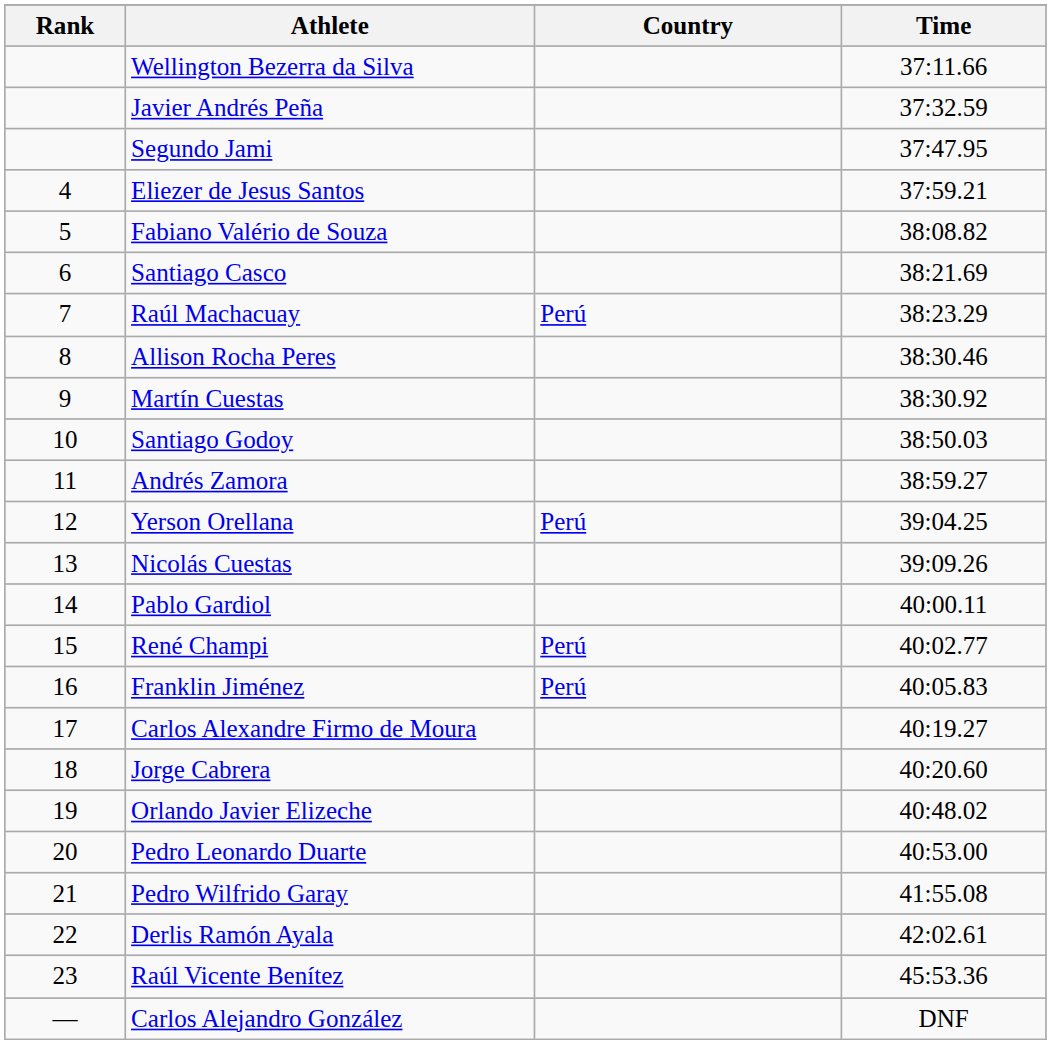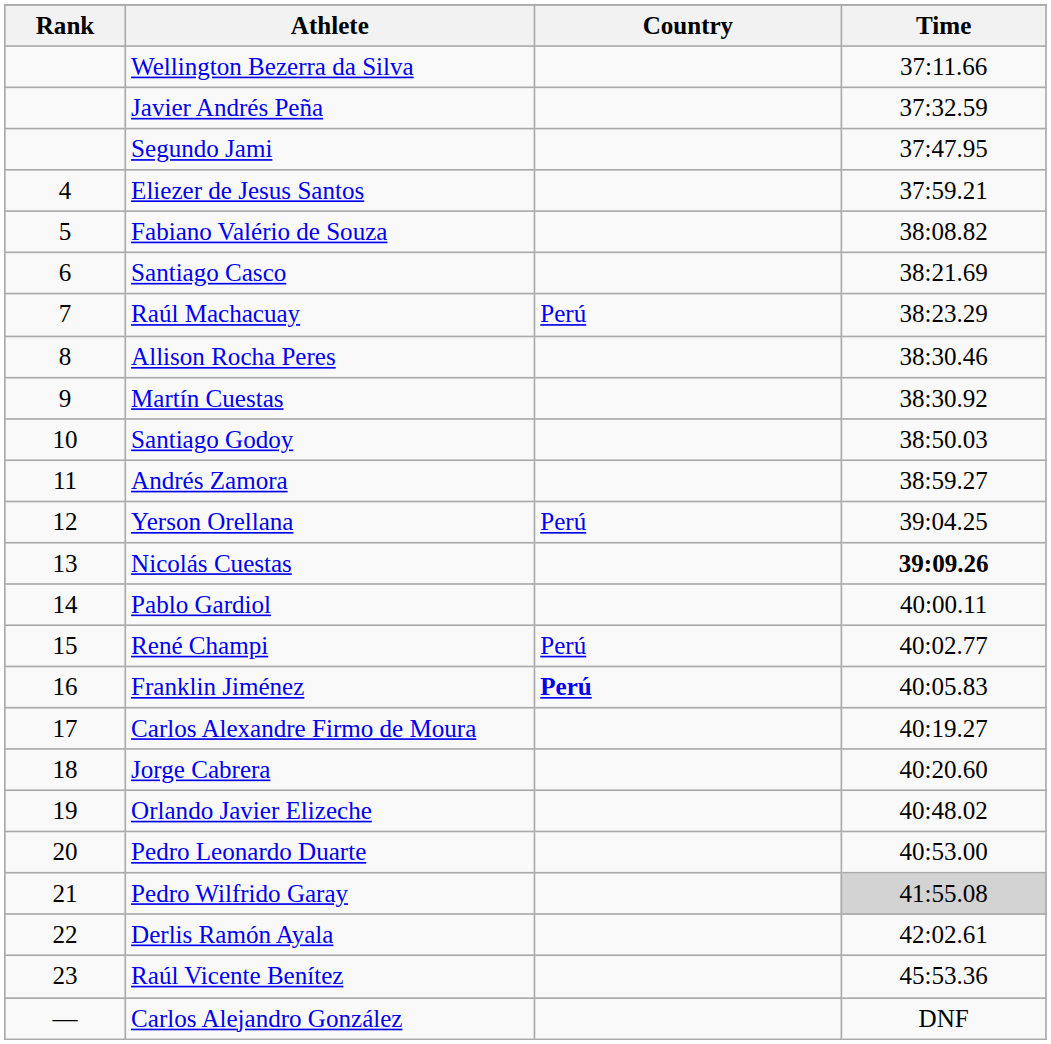 <table class="wikitable sortable" style=" text-align:center; font-size:95%;" width="50%">
 <tr>
 </tr>
 <tr>
 <th width=5%>Rank</th>
 <th width=20%>Athlete</th>
 <th width=15%>Country</th>
 <th width=10%>Time</th>
 </tr>
 <tr>
 <td align=center></td>
 <td align=left><a href='#'>Wellington Bezerra da Silva</a></td>
 <td align=left></td>
 <td>37:11.66</td>
 </tr>
 <tr>
 <td align=center></td>
 <td align=left><a href='#'>Javier Andrés Peña</a></td>
 <td align=left></td>
 <td>37:32.59</td>
 </tr>
 <tr>
 <td align=center></td>
 <td align=left><a href='#'>Segundo Jami</a></td>
 <td align=left></td>
 <td>37:47.95</td>
 </tr>
 <tr>
 <td align=center>4</td>
 <td align=left><a href='#'>Eliezer de Jesus Santos</a></td>
 <td align=left></td>
 <td>37:59.21</td>
 </tr>
 <tr>
 <td align=center>5</td>
 <td align=left><a href='#'>Fabiano Valério de Souza</a></td>
 <td align=left></td>
 <td>38:08.82</td>
 </tr>
 <tr>
 <td align=center>6</td>
 <td align=left><a href='#'>Santiago Casco</a></td>
 <td align=left></td>
 <td>38:21.69</td>
 </tr>
 <tr>
 <td align=center>7</td>
 <td align=left><a href='#'>Raúl Machacuay</a></td>
 <td align=left> <a href='#'>Perú</a></td>
 <td>38:23.29</td>
 </tr>
 <tr>
 <td align=center>8</td>
 <td align=left><a href='#'>Allison Rocha Peres</a></td>
 <td align=left></td>
 <td>38:30.46</td>
 </tr>
 <tr>
 <td align=center>9</td>
 <td align=left><a href='#'>Martín Cuestas</a></td>
 <td align=left></td>
 <td>38:30.92</td>
 </tr>
 <tr>
 <td align=center>10</td>
 <td align=left><a href='#'>Santiago Godoy</a></td>
 <td align=left></td>
 <td>38:50.03</td>
 </tr>
 <tr>
 <td align=center>11</td>
 <td align=left><a href='#'>Andrés Zamora</a></td>
 <td align=left></td>
 <td>38:59.27</td>
 </tr>
 <tr>
 <td align=center>12</td>
 <td align=left><a href='#'>Yerson Orellana</a></td>
 <td align=left> <a href='#'>Perú</a></td>
 <td>39:04.25</td>
 </tr>
 <tr>
 <td align=center>13</td>
 <td align=left><a href='#'>Nicolás Cuestas</a></td>
 <td align=left></td>
-<td>39:09.26</td>
+<td><strong>39:09.26</strong></td>
 </tr>
 <tr>
 <td align=center>14</td>
 <td align=left><a href='#'>Pablo Gardiol</a></td>
 <td align=left></td>
 <td>40:00.11</td>
 </tr>
 <tr>
 <td align=center>15</td>
 <td align=left><a href='#'>René Champi</a></td>
 <td align=left> <a href='#'>Perú</a></td>
 <td>40:02.77</td>
 </tr>
 <tr>
 <td align=center>16</td>
 <td align=left><a href='#'>Franklin Jiménez</a></td>
-<td align=left> <a href='#'>Perú</a></td>
+<td align=left><strong> <a href='#'>Perú</a></strong></td>
 <td>40:05.83</td>
 </tr>
 <tr>
 <td align=center>17</td>
 <td align=left><a href='#'>Carlos Alexandre Firmo de Moura</a></td>
 <td align=left></td>
 <td>40:19.27</td>
 </tr>
 <tr>
 <td align=center>18</td>
 <td align=left><a href='#'>Jorge Cabrera</a></td>
 <td align=left></td>
 <td>40:20.60</td>
 </tr>
 <tr>
 <td align=center>19</td>
 <td align=left><a href='#'>Orlando Javier Elizeche</a></td>
 <td align=left></td>
 <td>40:48.02</td>
 </tr>
 <tr>
 <td align=center>20</td>
 <td align=left><a href='#'>Pedro Leonardo Duarte</a></td>
 <td align=left></td>
 <td>40:53.00</td>
 </tr>
 <tr>
 <td align=center>21</td>
 <td align=left><a href='#'>Pedro Wilfrido Garay</a></td>
 <td align=left></td>
-<td>41:55.08</td>
+<td style="background: lightgrey;">41:55.08</td>
 </tr>
 <tr>
 <td align=center>22</td>
 <td align=left><a href='#'>Derlis Ramón Ayala</a></td>
 <td align=left></td>
 <td>42:02.61</td>
 </tr>
 <tr>
 <td align=center>23</td>
 <td align=left><a href='#'>Raúl Vicente Benítez</a></td>
 <td align=left></td>
 <td>45:53.36</td>
 </tr>
 <tr>
 <td align=center>—</td>
 <td align=left><a href='#'>Carlos Alejandro González</a></td>
 <td align=left></td>
 <td>DNF</td>
 </tr>
 </table>
